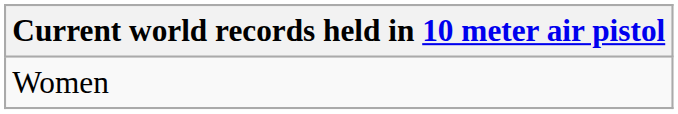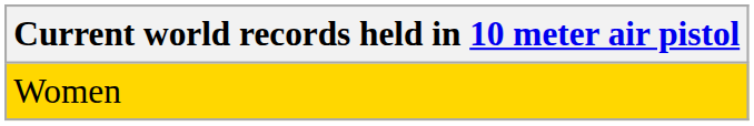 <table class="wikitable" style="font-size: 95%">
 <tr>
 <th colspan=9>Current world records held in <a href='#'>10 meter air pistol</a></th>
 </tr>
 <tr>
-<td>Women<br></td>
+<td style="background: gold;">Women<br></td>
 </tr>
 </table>
